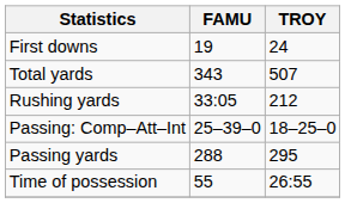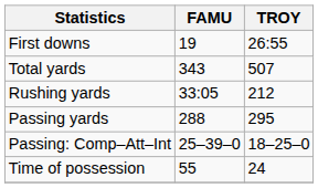 <table class="wikitable" style="float: left;">
 <tr>
 <th>Statistics</th>
 <th>FAMU</th>
 <th>TROY</th>
 </tr>
 <tr>
 <td>First downs</td>
 <td>19</td>
-<td>24</td>
+<td>26:55</td>
 </tr>
 <tr>
 <td>Total yards</td>
 <td>343</td>
 <td>507</td>
 </tr>
 <tr>
 <td>Rushing yards</td>
 <td>33:05</td>
 <td>212</td>
 </tr>
 <tr>
+<td>Passing yards</td>
+<td>288</td>
+<td>295</td>
+</tr>
+<tr>
 <td>Passing: Comp–Att–Int</td>
 <td>25–39–0</td>
 <td>18–25–0</td>
 </tr>
 <tr>
-<td>Passing yards</td>
-<td>288</td>
-<td>295</td>
-</tr>
-<tr>
 <td>Time of possession</td>
 <td>55</td>
-<td>26:55</td>
+<td>24</td>
 </tr>
 <tr>
 </tr>
 </table>
